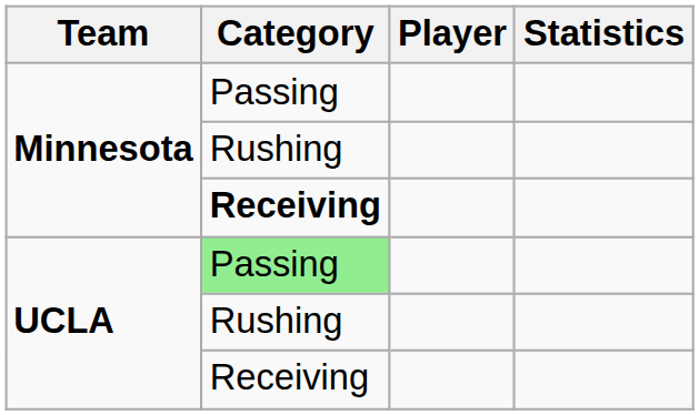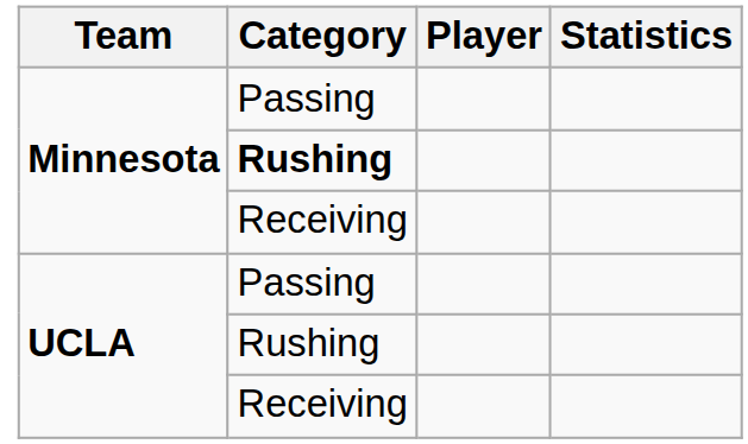 <table class="wikitable" style="float: right;">
 <tr>
 <th>Team</th>
 <th>Category</th>
 <th>Player</th>
 <th>Statistics</th>
 </tr>
 <tr>
 <td rowspan=3><strong>Minnesota</strong></td>
 <td>Passing</td>
 <td></td>
 <td></td>
 </tr>
 <tr>
-<td>Rushing</td>
+<td><strong>Rushing</strong></td>
 <td></td>
 <td></td>
 </tr>
 <tr>
-<td><strong>Receiving</strong></td>
+<td>Receiving</td>
 <td></td>
 <td></td>
 </tr>
 <tr>
 <td rowspan=3><strong>UCLA</strong></td>
-<td style="background: lightgreen;">Passing</td>
+<td>Passing</td>
 <td></td>
 <td></td>
 </tr>
 <tr>
 <td>Rushing</td>
 <td></td>
 <td></td>
 </tr>
 <tr>
 <td>Receiving</td>
 <td></td>
 <td></td>
 </tr>
 </table>
